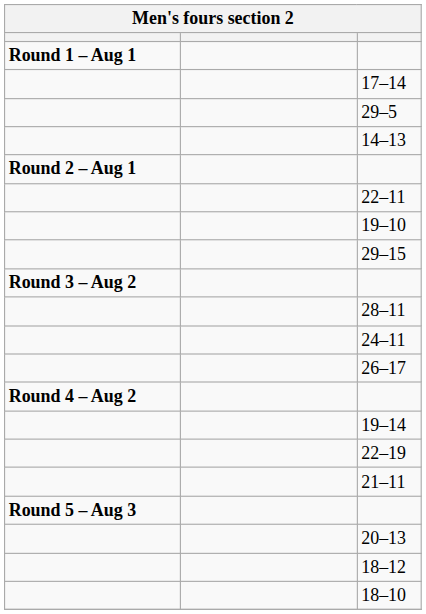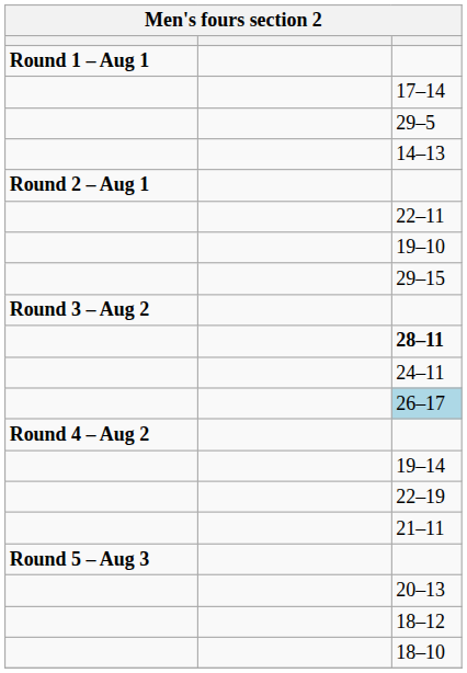 <table class="wikitable">
 <tr>
 <th colspan="3">Men's fours section 2</th>
 </tr>
 <tr>
 <th width=150></th>
 <th width=150></th>
 <th width=50></th>
 </tr>
 <tr>
 <td><strong>Round 1 – Aug 1</strong></td>
 <td></td>
 <td></td>
 </tr>
 <tr>
 <td></td>
 <td></td>
 <td>17–14</td>
 </tr>
 <tr>
 <td></td>
 <td></td>
 <td>29–5</td>
 </tr>
 <tr>
 <td></td>
 <td></td>
 <td>14–13</td>
 </tr>
 <tr>
 <td><strong>Round 2 – Aug 1</strong></td>
 <td></td>
 <td></td>
 </tr>
 <tr>
 <td></td>
 <td></td>
 <td>22–11</td>
 </tr>
 <tr>
 <td></td>
 <td></td>
 <td>19–10</td>
 </tr>
 <tr>
 <td></td>
 <td></td>
 <td>29–15</td>
 </tr>
 <tr>
 <td><strong>Round 3 – Aug 2</strong></td>
 <td></td>
 <td></td>
 </tr>
 <tr>
 <td></td>
 <td></td>
-<td>28–11</td>
+<td><strong>28–11</strong></td>
 </tr>
 <tr>
 <td></td>
 <td></td>
 <td>24–11</td>
 </tr>
 <tr>
 <td></td>
 <td></td>
-<td>26–17</td>
+<td style="background: lightblue;">26–17</td>
 </tr>
 <tr>
 <td><strong>Round 4 – Aug 2</strong></td>
 <td></td>
 <td></td>
 </tr>
 <tr>
 <td></td>
 <td></td>
 <td>19–14</td>
 </tr>
 <tr>
 <td></td>
 <td></td>
 <td>22–19</td>
 </tr>
 <tr>
 <td></td>
 <td></td>
 <td>21–11</td>
 </tr>
 <tr>
 <td><strong>Round 5 – Aug 3</strong></td>
 <td></td>
 <td></td>
 </tr>
 <tr>
 <td></td>
 <td></td>
 <td>20–13</td>
 </tr>
 <tr>
 <td></td>
 <td></td>
 <td>18–12</td>
 </tr>
 <tr>
 <td></td>
 <td></td>
 <td>18–10</td>
 </tr>
 <tr>
 </tr>
 </table>
